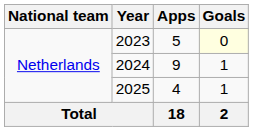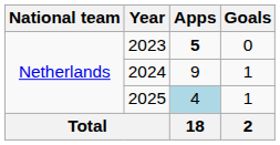 <table class="wikitable" style="text-align:center">
 <tr>
 <th>National team</th>
 <th>Year</th>
 <th>Apps</th>
 <th>Goals</th>
 </tr>
 <tr>
 <td rowspan="3"><a href='#'>Netherlands</a></td>
 <td>2023</td>
-<td>5</td>
-<td style="background: lightyellow;">0</td>
+<td><strong>5</strong></td>
+<td>0</td>
 </tr>
 <tr>
 <td>2024</td>
 <td>9</td>
 <td>1</td>
 </tr>
 <tr>
 <td>2025</td>
-<td>4</td>
+<td style="background: lightblue;">4</td>
 <td>1</td>
 </tr>
 <tr>
 <th colspan="2">Total</th>
 <th>18</th>
 <th>2</th>
 </tr>
 </table>
